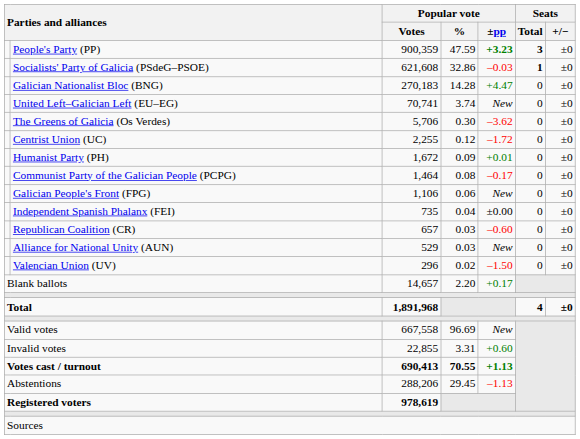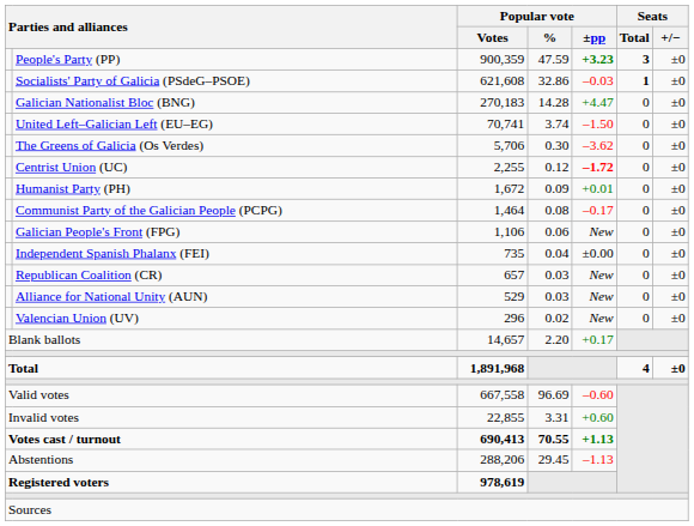 <table class="wikitable" style="text-align:right;">
 <tr>
 <th style="text-align:left;" rowspan="2" colspan="2" width="525">Parties and alliances</th>
 <th colspan="3">Popular vote</th>
 <th colspan="2">Seats</th>
 </tr>
 <tr>
 <th width="75">Votes</th>
 <th width="45">%</th>
 <th width="45">±<a href='#'>pp</a></th>
 <th width="35">Total</th>
 <th width="35">+/−</th>
 </tr>
 <tr>
 <td width="1" style="color:inherit;background:"></td>
 <td align="left"><a href='#'>People's Party</a> (PP)</td>
 <td>900,359</td>
 <td>47.59</td>
 <td style="color:green;"><strong>+3.23</strong></td>
 <td><strong>3</strong></td>
 <td>±0</td>
 </tr>
 <tr>
 <td style="color:inherit;background:"></td>
 <td align="left"><a href='#'>Socialists' Party of Galicia</a> (PSdeG–PSOE)</td>
 <td>621,608</td>
 <td>32.86</td>
 <td style="color:red;">–0.03</td>
 <td><strong>1</strong></td>
 <td>±0</td>
 </tr>
 <tr>
 <td style="color:inherit;background:"></td>
 <td align="left"><a href='#'>Galician Nationalist Bloc</a> (BNG)</td>
 <td>270,183</td>
 <td>14.28</td>
 <td style="color:green;">+4.47</td>
 <td>0</td>
 <td>±0</td>
 </tr>
 <tr>
 <td style="color:inherit;background:"></td>
 <td align="left"><a href='#'>United Left–Galician Left</a> (EU–EG)</td>
 <td>70,741</td>
 <td>3.74</td>
-<td><em>New</em></td>
+<td style="color:red;">–1.50</td>
 <td>0</td>
 <td>±0</td>
 </tr>
 <tr>
 <td style="color:inherit;background:"></td>
 <td align="left"><a href='#'>The Greens of Galicia</a> (Os Verdes)</td>
 <td>5,706</td>
 <td>0.30</td>
 <td style="color:red;">–3.62</td>
 <td>0</td>
 <td>±0</td>
 </tr>
 <tr>
 <td style="color:inherit;background:"></td>
 <td align="left"><a href='#'>Centrist Union</a> (UC)</td>
 <td>2,255</td>
 <td>0.12</td>
-<td style="color:red;">–1.72</td>
+<td style="color:red;"><strong>–1.72</strong></td>
 <td>0</td>
 <td>±0</td>
 </tr>
 <tr>
 <td style="color:inherit;background:"></td>
 <td align="left"><a href='#'>Humanist Party</a> (PH)</td>
 <td>1,672</td>
 <td>0.09</td>
 <td style="color:green;">+0.01</td>
 <td>0</td>
 <td>±0</td>
 </tr>
 <tr>
 <td style="color:inherit;background:"></td>
 <td align="left"><a href='#'>Communist Party of the Galician People</a> (PCPG)</td>
 <td>1,464</td>
 <td>0.08</td>
 <td style="color:red;">–0.17</td>
 <td>0</td>
 <td>±0</td>
 </tr>
 <tr>
 <td style="color:inherit;background:"></td>
 <td align="left"><a href='#'>Galician People's Front</a> (FPG)</td>
 <td>1,106</td>
 <td>0.06</td>
 <td><em>New</em></td>
 <td>0</td>
 <td>±0</td>
 </tr>
 <tr>
 <td style="color:inherit;background:"></td>
 <td align="left"><a href='#'>Independent Spanish Phalanx</a> (FEI)</td>
 <td>735</td>
 <td>0.04</td>
 <td>±0.00</td>
 <td>0</td>
 <td>±0</td>
 </tr>
 <tr>
 <td style="color:inherit;background:"></td>
 <td align="left"><a href='#'>Republican Coalition</a> (CR)</td>
 <td>657</td>
 <td>0.03</td>
-<td style="color:red;">–0.60</td>
+<td><em>New</em></td>
 <td>0</td>
 <td>±0</td>
 </tr>
 <tr>
 <td style="color:inherit;background:"></td>
 <td align="left"><a href='#'>Alliance for National Unity</a> (AUN)</td>
 <td>529</td>
 <td>0.03</td>
 <td><em>New</em></td>
 <td>0</td>
 <td>±0</td>
 </tr>
 <tr>
 <td style="color:inherit;background:"></td>
 <td align="left"><a href='#'>Valencian Union</a> (UV)</td>
 <td>296</td>
 <td>0.02</td>
-<td style="color:red;">–1.50</td>
+<td><em>New</em></td>
 <td>0</td>
 <td>±0</td>
 </tr>
 <tr>
 <td align="left" colspan="2">Blank ballots</td>
 <td>14,657</td>
 <td>2.20</td>
 <td style="color:green;">+0.17</td>
 <td bgcolor="#E9E9E9" colspan="2"></td>
 </tr>
 <tr>
 <td colspan="7" bgcolor="#E9E9E9"></td>
 </tr>
 <tr style="font-weight:bold;">
 <td align="left" colspan="2">Total</td>
 <td>1,891,968</td>
 <td bgcolor="#E9E9E9" colspan="2"></td>
 <td>4</td>
 <td>±0</td>
 </tr>
 <tr>
 <td colspan="7" bgcolor="#E9E9E9"></td>
 </tr>
 <tr>
 <td align="left" colspan="2">Valid votes</td>
 <td>667,558</td>
 <td>96.69</td>
-<td><em>New</em></td>
+<td style="color:red;">–0.60</td>
 <td bgcolor="#E9E9E9" colspan="2" rowspan="5"></td>
 </tr>
 <tr>
 <td align="left" colspan="2">Invalid votes</td>
 <td>22,855</td>
 <td>3.31</td>
 <td style="color:green;">+0.60</td>
 </tr>
 <tr style="font-weight:bold;">
 <td align="left" colspan="2">Votes cast / turnout</td>
 <td>690,413</td>
 <td>70.55</td>
 <td style="color:green;">+1.13</td>
 </tr>
 <tr>
 <td align="left" colspan="2">Abstentions</td>
 <td>288,206</td>
 <td>29.45</td>
 <td style="color:red;">–1.13</td>
 </tr>
 <tr style="font-weight:bold;">
 <td align="left" colspan="2">Registered voters</td>
 <td>978,619</td>
 <td bgcolor="#E9E9E9" colspan="2"></td>
 </tr>
 <tr>
 <td colspan="7" bgcolor="#E9E9E9"></td>
 </tr>
 <tr>
 <td align="left" colspan="7">Sources</td>
 </tr>
 </table>
